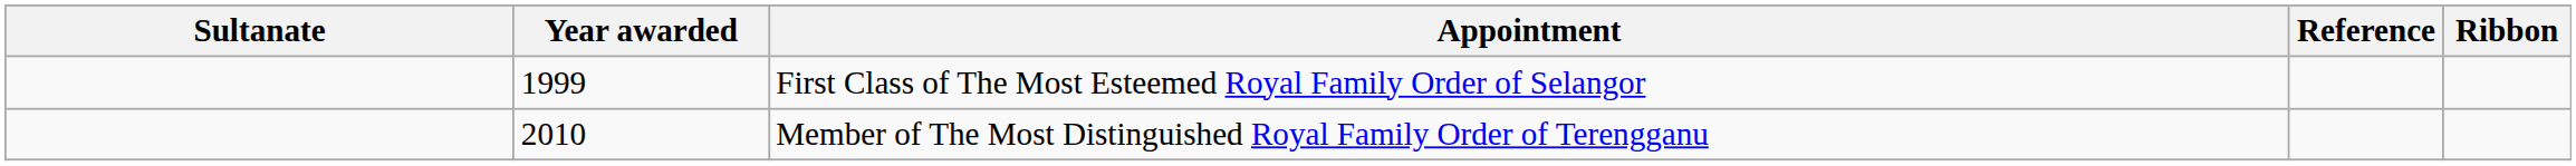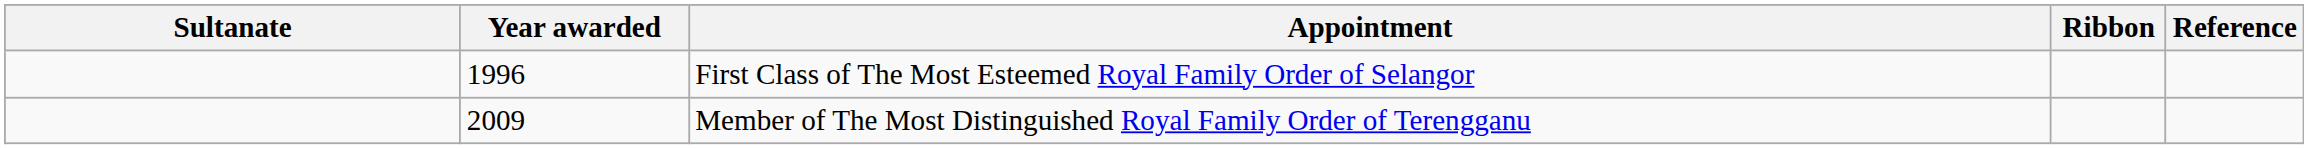 <table class="wikitable" width="100%">
 <tr>
 <th width="20%">Sultanate</th>
 <th width="10%">Year awarded</th>
 <th width="60%">Appointment</th>
+<th width="5%">Ribbon</th>
 <th width="5%">Reference</th>
-<th width="5%">Ribbon</th>
 </tr>
 <tr>
 <td></td>
-<td>1999</td>
+<td>1996</td>
 <td>First Class of The Most Esteemed <a href='#'>Royal Family Order of Selangor</a></td>
 <td></td>
 <td></td>
 </tr>
 <tr>
 <td></td>
-<td>2010</td>
+<td>2009</td>
 <td>Member of The Most Distinguished <a href='#'>Royal Family Order of Terengganu</a></td>
 <td></td>
 <td></td>
 </tr>
 </table>
